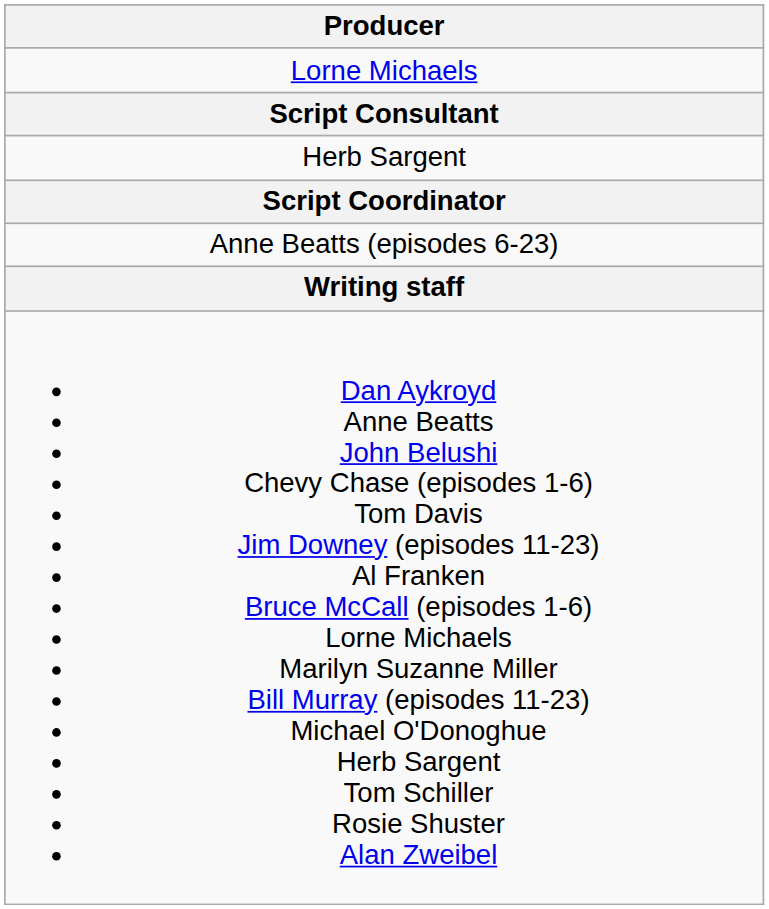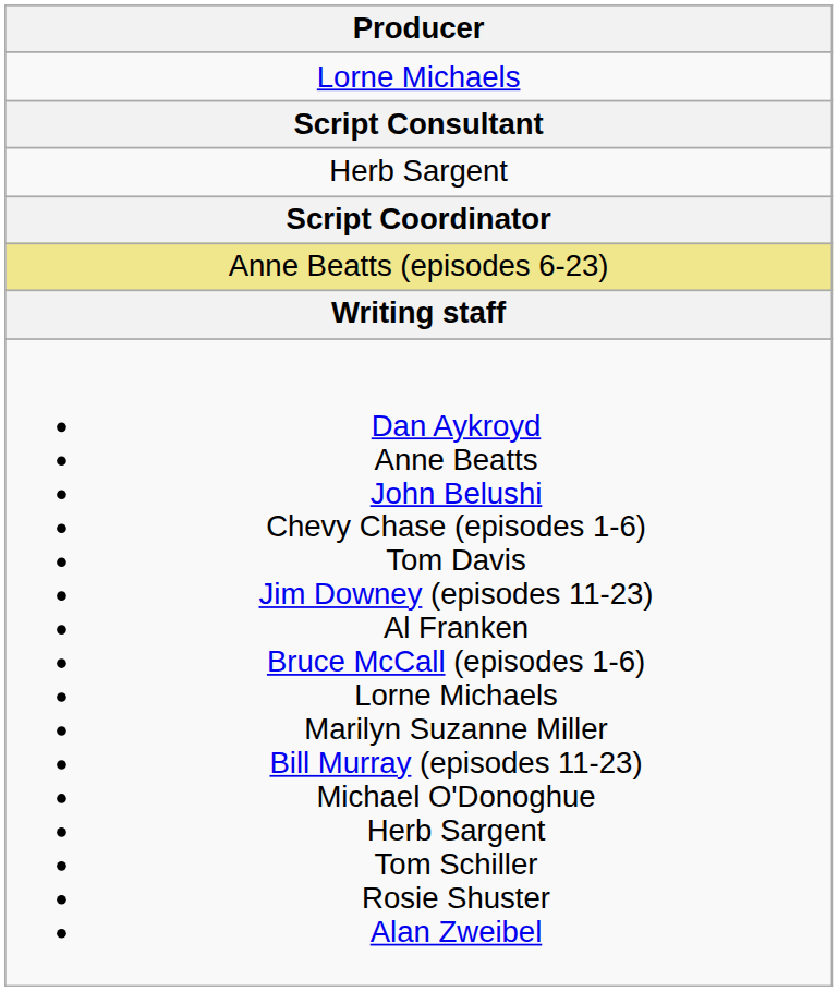 <table class="wikitable plainrowheaders"  style="text-align:center; width:50%;">
 <tr>
 <th><strong>Producer</strong></th>
 </tr>
 <tr>
 <td><a href='#'>Lorne Michaels</a></td>
 </tr>
 <tr>
 <th><strong>Script Consultant</strong></th>
 </tr>
 <tr>
 <td>Herb Sargent</td>
 </tr>
 <tr>
 <th><strong>Script Coordinator</strong></th>
 </tr>
 <tr>
-<td>Anne Beatts (episodes 6-23)</td>
+<td style="background: khaki;">Anne Beatts (episodes 6-23)</td>
 </tr>
 <tr>
 <th><strong>Writing staff</strong></th>
 </tr>
 <tr>
 <td><br><ul><li><a href='#'>Dan Aykroyd</a></li><li>Anne Beatts</li><li><a href='#'>John Belushi</a></li><li>Chevy Chase (episodes 1-6)</li><li>Tom Davis</li><li><a href='#'>Jim Downey</a> (episodes 11-23)</li><li>Al Franken</li><li><a href='#'>Bruce McCall</a> (episodes 1-6)</li><li>Lorne Michaels</li><li>Marilyn Suzanne Miller</li><li><a href='#'>Bill Murray</a> (episodes 11-23)</li><li>Michael O'Donoghue</li><li>Herb Sargent</li><li>Tom Schiller</li><li>Rosie Shuster</li><li><a href='#'>Alan Zweibel</a></li></ul></td>
 </tr>
 </table>
